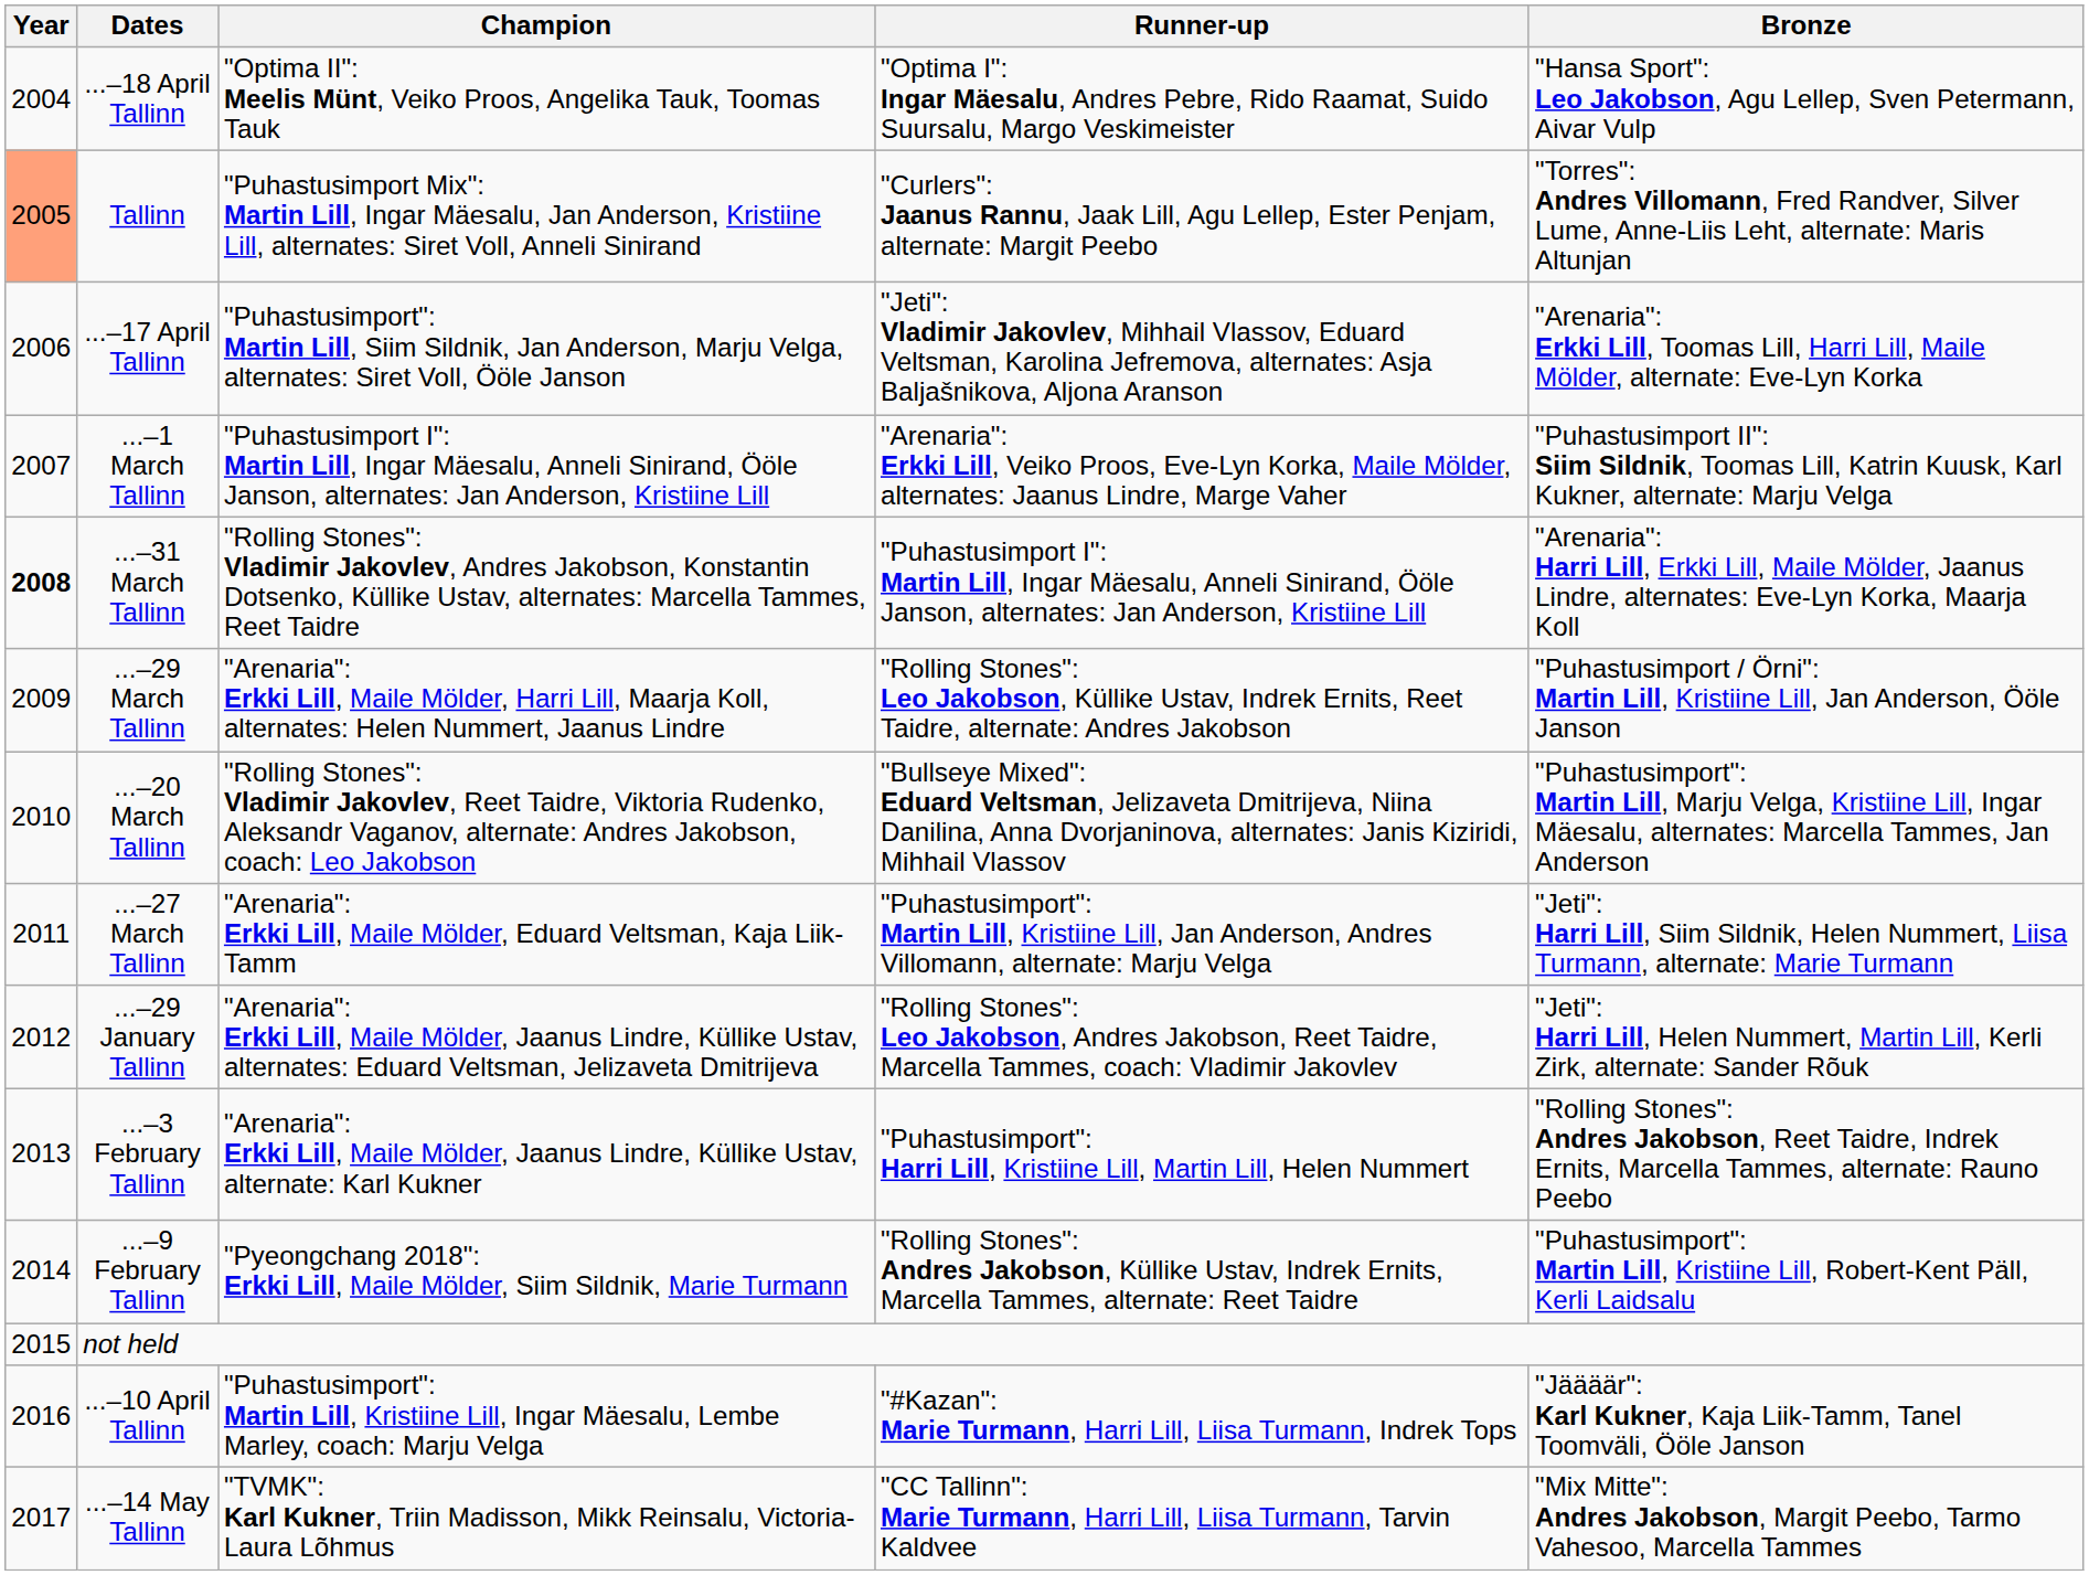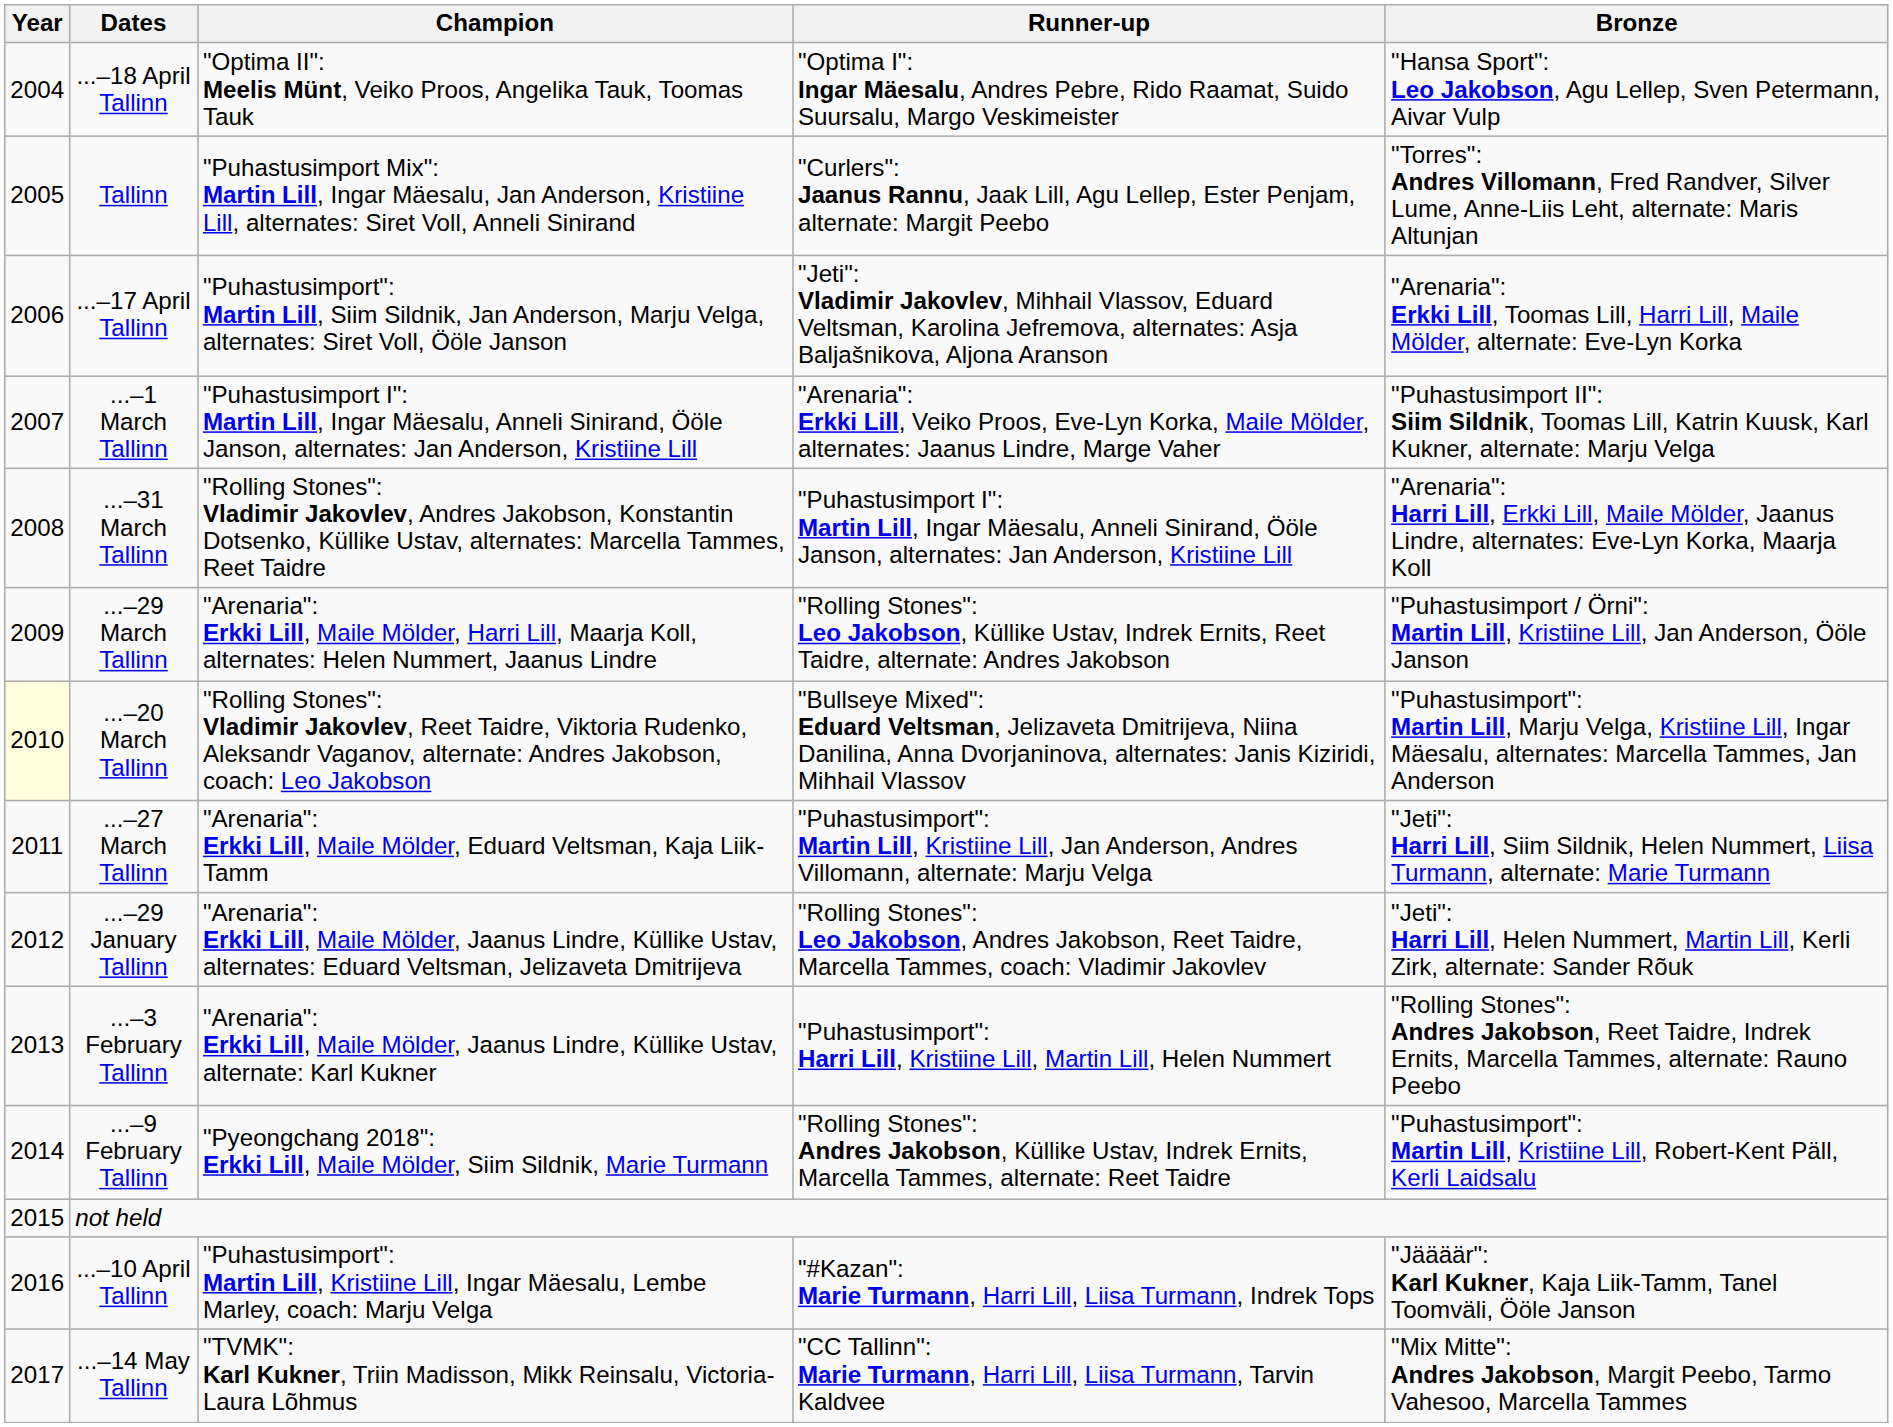 <table class="wikitable">
 <tr>
 <th>Year</th>
 <th>Dates<br></th>
 <th>Champion</th>
 <th>Runner-up</th>
 <th>Bronze</th>
 </tr>
 <tr>
 <td align=center>2004</td>
 <td align=center>...–18 April<br><a href='#'>Tallinn</a></td>
 <td>"Optima II":<br><strong>Meelis Münt</strong>, Veiko Proos, Angelika Tauk, Toomas Tauk</td>
 <td>"Optima I":<br><strong>Ingar Mäesalu</strong>, Andres Pebre, Rido Raamat, Suido Suursalu, Margo Veskimeister</td>
 <td>"Hansa Sport":<br><strong><a href='#'>Leo Jakobson</a></strong>, Agu Lellep, Sven Petermann, Aivar Vulp</td>
 </tr>
 <tr>
-<td align=center style="background: lightsalmon;">2005</td>
+<td align=center>2005</td>
 <td align=center><a href='#'>Tallinn</a></td>
 <td>"Puhastusimport Mix":<br><strong><a href='#'>Martin Lill</a></strong>, Ingar Mäesalu, Jan Anderson, <a href='#'>Kristiine Lill</a>, alternates: Siret Voll, Anneli Sinirand</td>
 <td>"Curlers":<br><strong>Jaanus Rannu</strong>, Jaak Lill, Agu Lellep, Ester Penjam, alternate: Margit Peebo</td>
 <td>"Torres":<br><strong>Andres Villomann</strong>, Fred Randver, Silver Lume, Anne-Liis Leht, alternate: Maris Altunjan</td>
 </tr>
 <tr>
 <td align=center>2006</td>
 <td align=center>...–17 April<br><a href='#'>Tallinn</a></td>
 <td>"Puhastusimport":<br><strong><a href='#'>Martin Lill</a></strong>, Siim Sildnik, Jan Anderson, Marju Velga, alternates: Siret Voll, Ööle Janson</td>
 <td>"Jeti":<br><strong>Vladimir Jakovlev</strong>, Mihhail Vlassov, Eduard Veltsman, Karolina Jefremova, alternates: Asja Baljašnikova, Aljona Aranson</td>
 <td>"Arenaria":<br><strong><a href='#'>Erkki Lill</a></strong>, Toomas Lill, <a href='#'>Harri Lill</a>, <a href='#'>Maile Mölder</a>, alternate: Eve-Lyn Korka</td>
 </tr>
 <tr>
 <td align=center>2007</td>
 <td align=center>...–1 March<br><a href='#'>Tallinn</a></td>
 <td>"Puhastusimport I":<br><strong><a href='#'>Martin Lill</a></strong>, Ingar Mäesalu, Anneli Sinirand, Ööle Janson, alternates: Jan Anderson, <a href='#'>Kristiine Lill</a></td>
 <td>"Arenaria":<br><strong><a href='#'>Erkki Lill</a></strong>, Veiko Proos, Eve-Lyn Korka, <a href='#'>Maile Mölder</a>, alternates: Jaanus Lindre, Marge Vaher</td>
 <td>"Puhastusimport II":<br><strong>Siim Sildnik</strong>, Toomas Lill, Katrin Kuusk, Karl Kukner, alternate: Marju Velga</td>
 </tr>
 <tr>
-<td align=center><strong>2008</strong></td>
+<td align=center>2008</td>
 <td align=center>...–31 March<br><a href='#'>Tallinn</a></td>
 <td>"Rolling Stones":<br><strong>Vladimir Jakovlev</strong>, Andres Jakobson, Konstantin Dotsenko, Küllike Ustav, alternates: Marcella Tammes, Reet Taidre</td>
 <td>"Puhastusimport I":<br><strong><a href='#'>Martin Lill</a></strong>, Ingar Mäesalu, Anneli Sinirand, Ööle Janson, alternates: Jan Anderson, <a href='#'>Kristiine Lill</a></td>
 <td>"Arenaria":<br><strong><a href='#'>Harri Lill</a></strong>, <a href='#'>Erkki Lill</a>, <a href='#'>Maile Mölder</a>, Jaanus Lindre, alternates: Eve-Lyn Korka, Maarja Koll</td>
 </tr>
 <tr>
 <td align=center>2009</td>
 <td align=center>...–29 March<br><a href='#'>Tallinn</a></td>
 <td>"Arenaria":<br><strong><a href='#'>Erkki Lill</a></strong>, <a href='#'>Maile Mölder</a>, <a href='#'>Harri Lill</a>, Maarja Koll, alternates: Helen Nummert, Jaanus Lindre</td>
 <td>"Rolling Stones":<br><strong><a href='#'>Leo Jakobson</a></strong>, Küllike Ustav, Indrek Ernits, Reet Taidre, alternate: Andres Jakobson</td>
 <td>"Puhastusimport / Örni":<br><strong><a href='#'>Martin Lill</a></strong>, <a href='#'>Kristiine Lill</a>, Jan Anderson, Ööle Janson</td>
 </tr>
 <tr>
-<td align=center>2010</td>
+<td align=center style="background: lightyellow;">2010</td>
 <td align=center>...–20 March<br><a href='#'>Tallinn</a></td>
 <td>"Rolling Stones":<br><strong>Vladimir Jakovlev</strong>, Reet Taidre, Viktoria Rudenko, Aleksandr Vaganov, alternate: Andres Jakobson, coach: <a href='#'>Leo Jakobson</a></td>
 <td>"Bullseye Mixed":<br><strong>Eduard Veltsman</strong>, Jelizaveta Dmitrijeva, Niina Danilina, Anna Dvorjaninova, alternates: Janis Kiziridi, Mihhail Vlassov</td>
 <td>"Puhastusimport":<br><strong><a href='#'>Martin Lill</a></strong>, Marju Velga, <a href='#'>Kristiine Lill</a>, Ingar Mäesalu, alternates: Marcella Tammes, Jan Anderson</td>
 </tr>
 <tr>
 <td align=center>2011</td>
 <td align=center>...–27 March<br><a href='#'>Tallinn</a></td>
 <td>"Arenaria":<br><strong><a href='#'>Erkki Lill</a></strong>, <a href='#'>Maile Mölder</a>, Eduard Veltsman, Kaja Liik-Tamm</td>
 <td>"Puhastusimport":<br><strong><a href='#'>Martin Lill</a></strong>, <a href='#'>Kristiine Lill</a>, Jan Anderson, Andres Villomann, alternate: Marju Velga</td>
 <td>"Jeti":<br><strong><a href='#'>Harri Lill</a></strong>, Siim Sildnik, Helen Nummert, <a href='#'>Liisa Turmann</a>, alternate: <a href='#'>Marie Turmann</a></td>
 </tr>
 <tr>
 <td align=center>2012</td>
 <td align=center>...–29 January<br><a href='#'>Tallinn</a></td>
 <td>"Arenaria":<br><strong><a href='#'>Erkki Lill</a></strong>, <a href='#'>Maile Mölder</a>, Jaanus Lindre, Küllike Ustav, alternates: Eduard Veltsman, Jelizaveta Dmitrijeva</td>
 <td>"Rolling Stones":<br><strong><a href='#'>Leo Jakobson</a></strong>, Andres Jakobson, Reet Taidre, Marcella Tammes, coach: Vladimir Jakovlev</td>
 <td>"Jeti":<br><strong><a href='#'>Harri Lill</a></strong>, Helen Nummert, <a href='#'>Martin Lill</a>, Kerli Zirk, alternate: Sander Rõuk</td>
 </tr>
 <tr>
 <td align=center>2013</td>
 <td align=center>...–3 February<br><a href='#'>Tallinn</a></td>
 <td>"Arenaria":<br><strong><a href='#'>Erkki Lill</a></strong>, <a href='#'>Maile Mölder</a>, Jaanus Lindre, Küllike Ustav, alternate: Karl Kukner</td>
 <td>"Puhastusimport":<br><strong><a href='#'>Harri Lill</a></strong>, <a href='#'>Kristiine Lill</a>, <a href='#'>Martin Lill</a>, Helen Nummert</td>
 <td>"Rolling Stones":<br><strong>Andres Jakobson</strong>, Reet Taidre, Indrek Ernits, Marcella Tammes, alternate: Rauno Peebo</td>
 </tr>
 <tr>
 <td align=center>2014</td>
 <td align=center>...–9 February<br><a href='#'>Tallinn</a></td>
 <td>"Pyeongchang 2018":<br><strong><a href='#'>Erkki Lill</a></strong>, <a href='#'>Maile Mölder</a>, Siim Sildnik, <a href='#'>Marie Turmann</a></td>
 <td>"Rolling Stones":<br><strong>Andres Jakobson</strong>, Küllike Ustav, Indrek Ernits, Marcella Tammes, alternate: Reet Taidre</td>
 <td>"Puhastusimport":<br><strong><a href='#'>Martin Lill</a></strong>, <a href='#'>Kristiine Lill</a>, Robert-Kent Päll, <a href='#'>Kerli Laidsalu</a></td>
 </tr>
 <tr>
 <td align=center>2015</td>
 <td colspan=4><em>not held</em></td>
 </tr>
 <tr>
 <td align=center>2016</td>
 <td align=center>...–10 April<br><a href='#'>Tallinn</a></td>
 <td>"Puhastusimport":<br><strong><a href='#'>Martin Lill</a></strong>, <a href='#'>Kristiine Lill</a>, Ingar Mäesalu, Lembe Marley, coach: Marju Velga</td>
 <td>"#Kazan":<br><strong><a href='#'>Marie Turmann</a></strong>, <a href='#'>Harri Lill</a>, <a href='#'>Liisa Turmann</a>, Indrek Tops</td>
 <td>"Jäääär":<br><strong>Karl Kukner</strong>, Kaja Liik-Tamm, Tanel Toomväli, Ööle Janson</td>
 </tr>
 <tr>
 <td align=center>2017</td>
 <td align=center>...–14 May<br><a href='#'>Tallinn</a></td>
 <td>"TVMK":<br><strong>Karl Kukner</strong>, Triin Madisson, Mikk Reinsalu, Victoria-Laura Lõhmus</td>
 <td>"CC Tallinn":<br><strong><a href='#'>Marie Turmann</a></strong>, <a href='#'>Harri Lill</a>, <a href='#'>Liisa Turmann</a>, Tarvin Kaldvee</td>
 <td>"Mix Mitte":<br><strong>Andres Jakobson</strong>, Margit Peebo, Tarmo Vahesoo, Marcella Tammes<br></td>
 </tr>
 </table>
